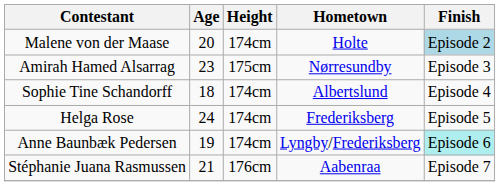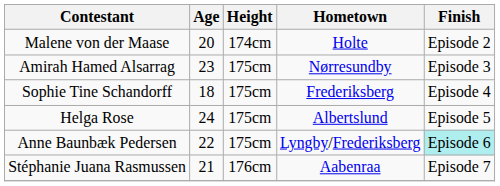 <table class="wikitable" style="text-align:center;">
 <tr>
 <th>Contestant</th>
 <th>Age</th>
 <th>Height</th>
 <th>Hometown</th>
 <th>Finish</th>
 </tr>
 <tr>
 <td>Malene von der Maase</td>
 <td>20</td>
 <td>174cm</td>
 <td><a href='#'>Holte</a></td>
-<td style="background: lightblue;">Episode 2</td>
+<td>Episode 2</td>
 </tr>
 <tr>
 <td>Amirah Hamed Alsarrag</td>
 <td>23</td>
 <td>175cm</td>
 <td><a href='#'>Nørresundby</a></td>
 <td>Episode 3</td>
 </tr>
 <tr>
 <td>Sophie Tine Schandorff</td>
 <td>18</td>
-<td>174cm</td>
-<td><a href='#'>Albertslund</a></td>
+<td>175cm</td>
+<td><a href='#'>Frederiksberg</a></td>
 <td>Episode 4</td>
 </tr>
 <tr>
 <td>Helga Rose</td>
 <td>24</td>
-<td>174cm</td>
-<td><a href='#'>Frederiksberg</a></td>
+<td>175cm</td>
+<td><a href='#'>Albertslund</a></td>
 <td>Episode 5</td>
 </tr>
 <tr>
 <td>Anne Baunbæk Pedersen</td>
-<td>19</td>
-<td>174cm</td>
+<td>22</td>
+<td>175cm</td>
 <td><a href='#'>Lyngby</a>/<a href='#'>Frederiksberg</a></td>
 <td style="background: paleturquoise;">Episode 6</td>
 </tr>
 <tr>
 <td>Stéphanie Juana Rasmussen</td>
 <td>21</td>
 <td>176cm</td>
 <td><a href='#'>Aabenraa</a></td>
 <td>Episode 7</td>
 </tr>
 <tr>
 </tr>
 </table>
